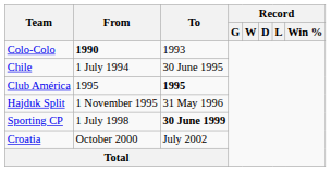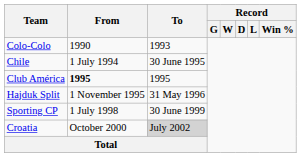 <table class="wikitable sortable">
 <tr>
 <th rowspan="2">Team</th>
 <th rowspan="2">From</th>
 <th rowspan="2">To</th>
 <th colspan="5">Record</th>
 </tr>
 <tr>
 <th>G</th>
 <th>W</th>
 <th>D</th>
 <th>L</th>
 <th>Win %</th>
 </tr>
 <tr>
 <td><a href='#'>Colo-Colo</a></td>
-<td><strong>1990</strong></td>
+<td>1990</td>
 <td>1993<br></td>
 </tr>
 <tr>
 <td><a href='#'>Chile</a></td>
 <td>1 July 1994</td>
 <td>30 June 1995<br></td>
 </tr>
 <tr>
 <td><a href='#'>Club América</a></td>
-<td>1995</td>
-<td><strong>1995<br></strong></td>
+<td><strong>1995</strong></td>
+<td>1995<br></td>
 </tr>
 <tr>
 <td><a href='#'>Hajduk Split</a></td>
 <td>1 November 1995</td>
 <td>31 May 1996<br></td>
 </tr>
 <tr>
 <td><a href='#'>Sporting CP</a></td>
 <td>1 July 1998</td>
-<td><strong>30 June 1999<br></strong></td>
+<td>30 June 1999<br></td>
 </tr>
 <tr>
 <td><a href='#'>Croatia</a></td>
 <td>October 2000</td>
-<td>July 2002<br></td>
+<td style="background: lightgrey;">July 2002<br></td>
 </tr>
 <tr>
 <th colspan="3">Total<br></th>
 </tr>
 </table>
